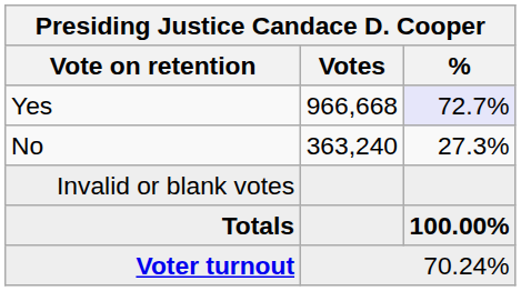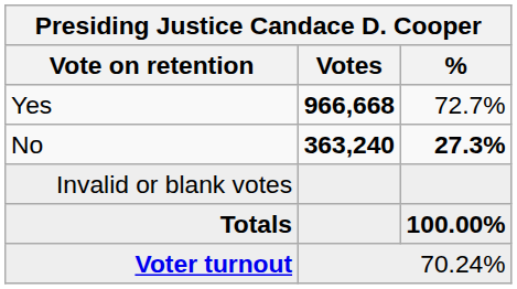 <table class="wikitable" style="font-size: 95%;">
 <tr style="background-color:#E9E9E9">
 <th colspan=7>Presiding Justice Candace D. Cooper</th>
 </tr>
 <tr style="background-color:#E9E9E9">
 <th style="width: 170px">Vote on retention</th>
 <th style="width: 50px">Votes</th>
 <th style="width: 40px">%</th>
 </tr>
 <tr>
 <td>Yes</td>
-<td align="right">966,668</td>
-<td align="right" style="background: lavender;">72.7%</td>
+<td align="right"><strong>966,668</strong></td>
+<td align="right">72.7%</td>
 </tr>
 <tr>
 <td>No</td>
-<td align="right">363,240</td>
-<td align="right">27.3%</td>
+<td align="right"><strong>363,240</strong></td>
+<td align="right"><strong>27.3%</strong></td>
 </tr>
 <tr bgcolor="#EEEEEE">
 <td align="right">Invalid or blank votes</td>
 <td align="right"></td>
 <td align="right"></td>
 </tr>
 <tr bgcolor="#EEEEEE">
 <td align="right"><strong>Totals</strong></td>
 <td align="right"><strong></strong></td>
 <td align="right"><strong>100.00%</strong></td>
 </tr>
 <tr bgcolor="#EEEEEE">
 <td align="right"><strong><a href='#'>Voter turnout</a></strong></td>
 <td colspan="2" align="right">70.24%</td>
 </tr>
 </table>
